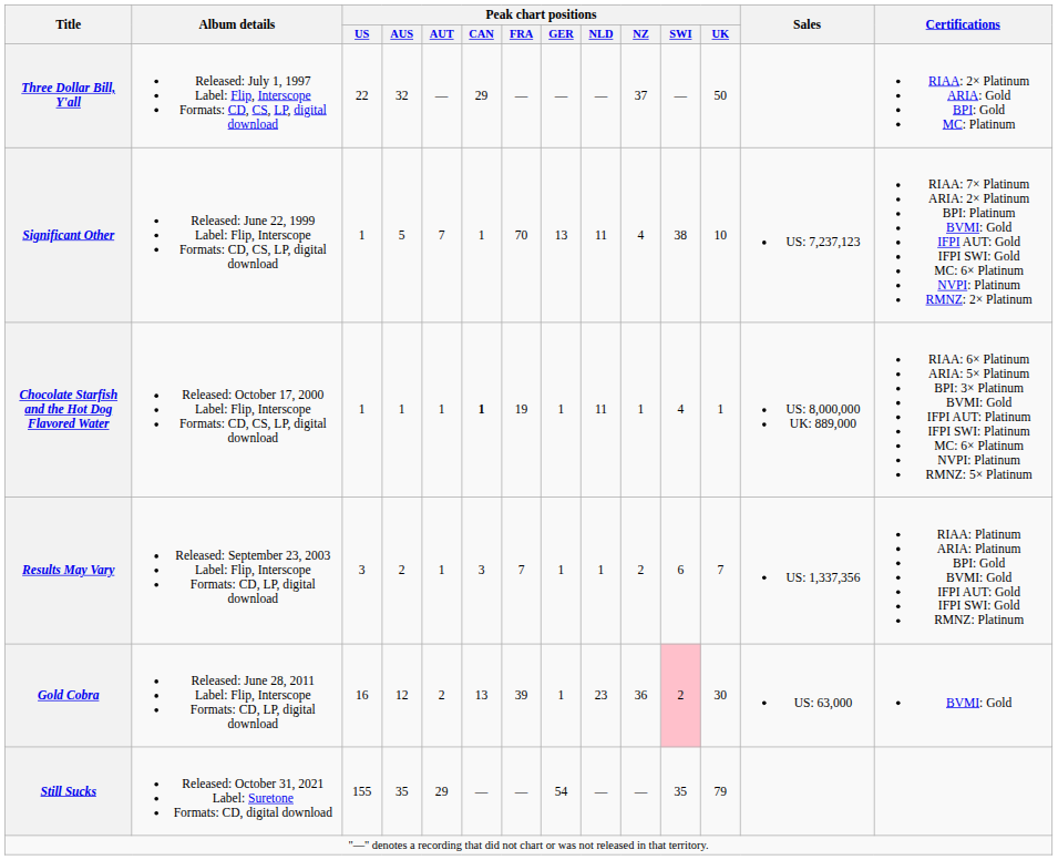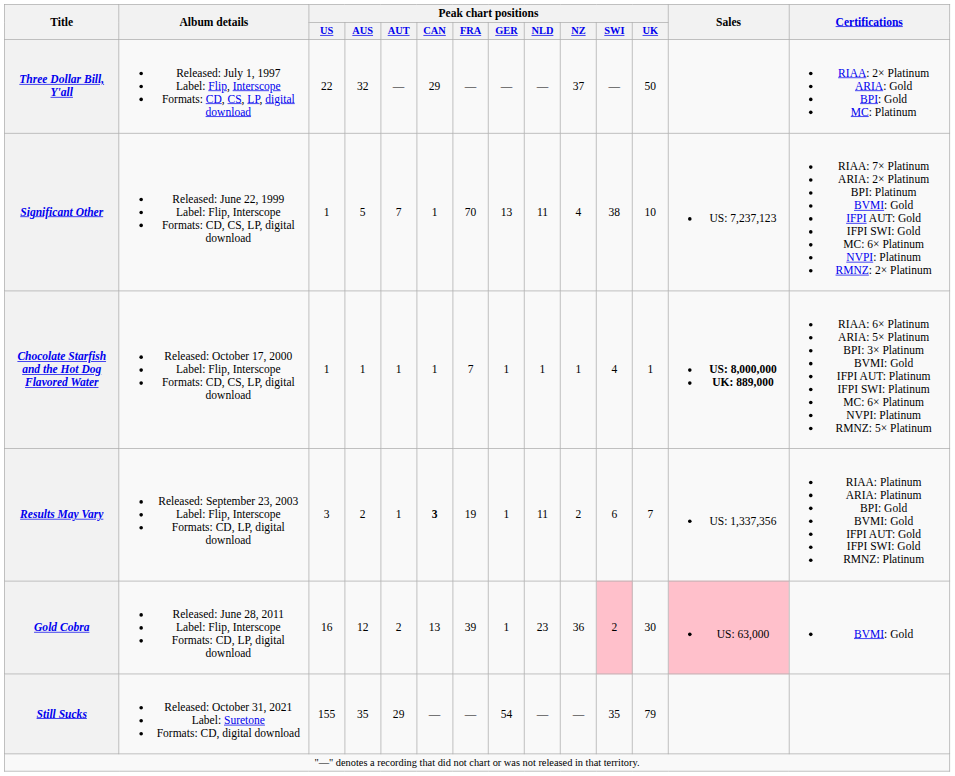 <table class="wikitable plainrowheaders" style="text-align:center;">
 <tr>
 <th scope="col" rowspan="2" style="width:9.5em;">Title</th>
 <th scope="col" rowspan="2" style="width:16em;">Album details</th>
 <th scope="col" colspan="10">Peak chart positions</th>
 <th scope="col" rowspan="2" style="width:10em;">Sales</th>
 <th scope="col" rowspan="2" style="width:13.5em;"><a href='#'>Certifications</a></th>
 </tr>
 <tr>
 <th scope="col" style="width:3em;font-size:90%;"><a href='#'>US</a><br></th>
 <th scope="col" style="width:3em;font-size:90%;"><a href='#'>AUS</a><br></th>
 <th scope="col" style="width:3em;font-size:90%;"><a href='#'>AUT</a><br></th>
 <th scope="col" style="width:3em;font-size:90%;"><a href='#'>CAN</a><br></th>
 <th scope="col" style="width:3em;font-size:90%;"><a href='#'>FRA</a><br></th>
 <th scope="col" style="width:3em;font-size:90%;"><a href='#'>GER</a><br></th>
 <th scope="col" style="width:3em;font-size:90%;"><a href='#'>NLD</a><br></th>
 <th scope="col" style="width:3em;font-size:90%;"><a href='#'>NZ</a><br></th>
 <th scope="col" style="width:3em;font-size:90%;"><a href='#'>SWI</a><br></th>
 <th scope="col" style="width:3em;font-size:90%;"><a href='#'>UK</a><br></th>
 </tr>
 <tr>
 <th scope="row"><em><a href='#'>Three Dollar Bill, Y'all</a></em></th>
 <td><br><ul><li>Released: July 1, 1997</li><li>Label: <a href='#'>Flip</a>, <a href='#'>Interscope</a></li><li>Formats: <a href='#'>CD</a>, <a href='#'>CS</a>, <a href='#'>LP</a>, <a href='#'>digital download</a></li></ul></td>
 <td>22</td>
 <td>32</td>
 <td>—</td>
 <td>29</td>
 <td>—</td>
 <td>—</td>
 <td>—</td>
 <td>37</td>
 <td>—</td>
 <td>50</td>
 <td></td>
 <td><br><ul><li><a href='#'>RIAA</a>: 2× Platinum</li><li><a href='#'>ARIA</a>: Gold</li><li><a href='#'>BPI</a>: Gold</li><li><a href='#'>MC</a>: Platinum</li></ul></td>
 </tr>
 <tr>
 <th scope="row"><em><a href='#'>Significant Other</a></em></th>
 <td><br><ul><li>Released: June 22, 1999</li><li>Label: Flip, Interscope</li><li>Formats: CD, CS, LP, digital download</li></ul></td>
 <td>1</td>
 <td>5</td>
 <td>7</td>
 <td>1</td>
 <td>70</td>
 <td>13</td>
 <td>11</td>
 <td>4</td>
 <td>38</td>
 <td>10</td>
 <td><br><ul><li>US: 7,237,123</li></ul></td>
 <td><br><ul><li>RIAA: 7× Platinum</li><li>ARIA: 2× Platinum</li><li>BPI: Platinum</li><li><a href='#'>BVMI</a>: Gold</li><li><a href='#'>IFPI</a> AUT: Gold</li><li>IFPI SWI: Gold</li><li>MC: 6× Platinum</li><li><a href='#'>NVPI</a>: Platinum</li><li><a href='#'>RMNZ</a>: 2× Platinum</li></ul></td>
 </tr>
 <tr>
 <th scope="row"><em><a href='#'>Chocolate Starfish and the Hot Dog Flavored Water</a></em></th>
 <td><br><ul><li>Released: October 17, 2000</li><li>Label: Flip, Interscope</li><li>Formats: CD, CS, LP, digital download</li></ul></td>
 <td>1</td>
 <td>1</td>
 <td>1</td>
-<td><strong>1</strong></td>
-<td>19</td>
 <td>1</td>
-<td>11</td>
+<td>7</td>
+<td>1</td>
+<td>1</td>
 <td>1</td>
 <td>4</td>
 <td>1</td>
-<td><br><ul><li>US: 8,000,000</li><li>UK: 889,000</li></ul></td>
+<td><strong><br><ul><li>US: 8,000,000</li><li>UK: 889,000</li></ul></strong></td>
 <td><br><ul><li>RIAA: 6× Platinum</li><li>ARIA: 5× Platinum</li><li>BPI: 3× Platinum</li><li>BVMI: Gold</li><li>IFPI AUT: Platinum</li><li>IFPI SWI: Platinum</li><li>MC: 6× Platinum</li><li>NVPI: Platinum</li><li>RMNZ: 5× Platinum</li></ul></td>
 </tr>
 <tr>
 <th scope="row"><em><a href='#'>Results May Vary</a></em></th>
 <td><br><ul><li>Released: September 23, 2003</li><li>Label: Flip, Interscope</li><li>Formats: CD, LP, digital download</li></ul></td>
 <td>3</td>
 <td>2</td>
 <td>1</td>
-<td>3</td>
-<td>7</td>
+<td><strong>3</strong></td>
+<td>19</td>
 <td>1</td>
-<td>1</td>
+<td>11</td>
 <td>2</td>
 <td>6</td>
 <td>7</td>
 <td><br><ul><li>US: 1,337,356</li></ul></td>
 <td><br><ul><li>RIAA: Platinum</li><li>ARIA: Platinum</li><li>BPI: Gold</li><li>BVMI: Gold</li><li>IFPI AUT: Gold</li><li>IFPI SWI: Gold</li><li>RMNZ: Platinum</li></ul></td>
 </tr>
 <tr>
 <th scope="row"><em><a href='#'>Gold Cobra</a></em></th>
 <td><br><ul><li>Released: June 28, 2011</li><li>Label: Flip, Interscope</li><li>Formats: CD, LP, digital download</li></ul></td>
 <td>16</td>
 <td>12</td>
 <td>2</td>
 <td>13</td>
 <td>39</td>
 <td>1</td>
 <td>23</td>
 <td>36</td>
 <td style="background: pink;">2</td>
 <td>30</td>
-<td><br><ul><li>US: 63,000</li></ul></td>
+<td style="background: pink;"><br><ul><li>US: 63,000</li></ul></td>
 <td><br><ul><li><a href='#'>BVMI</a>: Gold</li></ul></td>
 </tr>
 <tr>
 <th scope="row"><em><a href='#'>Still Sucks</a></em></th>
 <td><br><ul><li>Released: October 31, 2021</li><li>Label: <a href='#'>Suretone</a></li><li>Formats: CD, digital download</li></ul></td>
 <td>155</td>
 <td>35</td>
 <td>29</td>
 <td>—</td>
 <td>—</td>
 <td>54</td>
 <td>—</td>
 <td>—</td>
 <td>35</td>
 <td>79</td>
 <td></td>
 <td></td>
 </tr>
 <tr>
 <td colspan="15" style="font-size:90%">"—" denotes a recording that did not chart or was not released in that territory.</td>
 </tr>
 </table>
